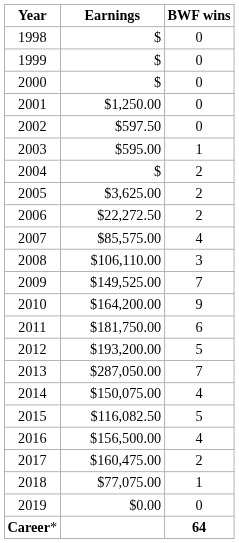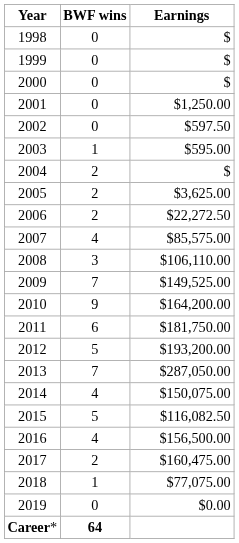 <table cellpadding=3 cellspacing=0 border=1 style="text-align:center; border:#aaa; solid:1; border-collapse:collapse; text-align:center">
 <tr>
 <th>Year</th>
+<th>BWF wins</th>
 <th style="width:110px;">Earnings</th>
-<th>BWF wins</th>
 </tr>
 <tr>
 <td>1998</td>
+<td>0</td>
 <td align=right>$</td>
-<td>0</td>
 </tr>
 <tr>
 <td>1999</td>
+<td>0</td>
 <td align=right>$</td>
-<td>0</td>
 </tr>
 <tr>
 <td>2000</td>
+<td>0</td>
 <td align=right>$</td>
-<td>0</td>
 </tr>
 <tr>
 <td>2001</td>
+<td>0</td>
 <td align=right>$1,250.00</td>
-<td>0</td>
 </tr>
 <tr>
 <td>2002</td>
+<td>0</td>
 <td align=right>$597.50</td>
-<td>0</td>
 </tr>
 <tr>
 <td>2003</td>
+<td>1</td>
 <td align=right>$595.00</td>
-<td>1</td>
 </tr>
 <tr>
 <td>2004</td>
+<td>2</td>
 <td align=right>$</td>
-<td>2</td>
 </tr>
 <tr>
 <td>2005</td>
+<td>2</td>
 <td align=right>$3,625.00</td>
-<td>2</td>
 </tr>
 <tr>
 <td>2006</td>
+<td>2</td>
 <td align=right>$22,272.50</td>
-<td>2</td>
 </tr>
 <tr>
 <td>2007</td>
+<td>4</td>
 <td align=right>$85,575.00</td>
-<td>4</td>
 </tr>
 <tr>
 <td>2008</td>
+<td>3</td>
 <td align=right>$106,110.00</td>
-<td>3</td>
 </tr>
 <tr>
 <td>2009</td>
+<td>7</td>
 <td align=right>$149,525.00</td>
-<td>7</td>
 </tr>
 <tr>
 <td>2010</td>
+<td>9</td>
 <td align=right>$164,200.00</td>
-<td>9</td>
 </tr>
 <tr>
 <td>2011</td>
+<td>6</td>
 <td align=right>$181,750.00</td>
-<td>6</td>
 </tr>
 <tr>
 <td>2012</td>
+<td>5</td>
 <td align=right>$193,200.00</td>
-<td>5</td>
 </tr>
 <tr>
 <td>2013</td>
+<td>7</td>
 <td align=right>$287,050.00</td>
-<td>7</td>
 </tr>
 <tr>
 <td>2014</td>
+<td>4</td>
 <td align=right>$150,075.00</td>
-<td>4</td>
 </tr>
 <tr>
 <td>2015</td>
+<td>5</td>
 <td align=right>$116,082.50</td>
-<td>5</td>
 </tr>
 <tr>
 <td>2016</td>
+<td>4</td>
 <td align=right>$156,500.00</td>
-<td>4</td>
 </tr>
 <tr>
 <td>2017</td>
+<td>2</td>
 <td align=right>$160,475.00</td>
-<td>2</td>
 </tr>
 <tr>
 <td>2018</td>
+<td>1</td>
 <td align=right>$77,075.00</td>
-<td>1</td>
 </tr>
 <tr>
 <td>2019</td>
+<td>0</td>
 <td align=right>$0.00</td>
-<td>0</td>
 </tr>
 <tr>
 <td><strong>Career</strong>*</td>
+<td><strong>64</strong></td>
 <td align=right></td>
-<td><strong>64</strong></td>
 </tr>
 </table>
